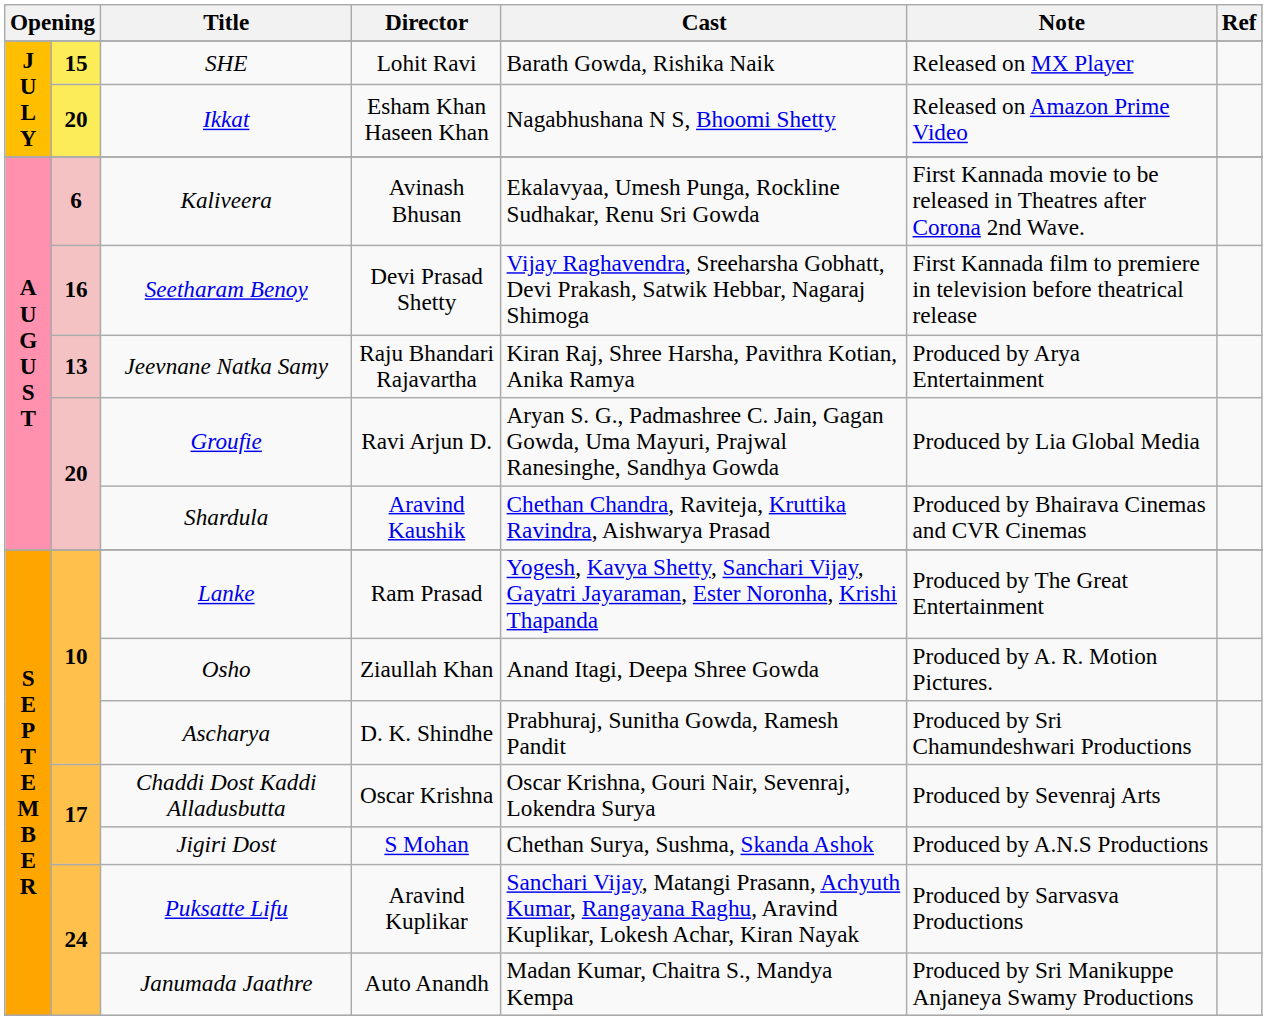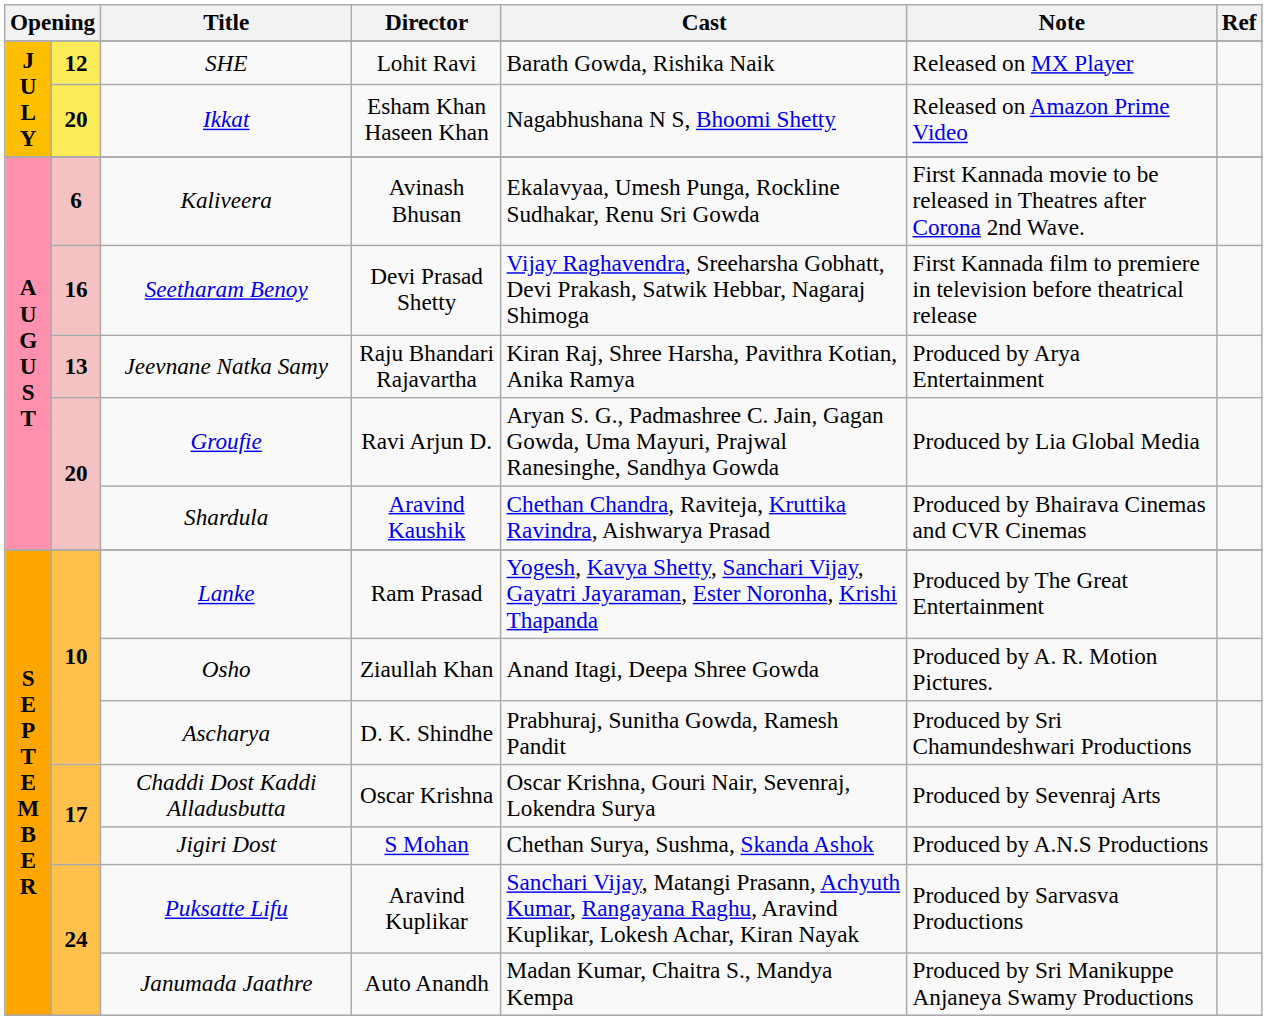 <table class="wikitable sortable">
 <tr>
 <th colspan="2">Opening</th>
 <th style="width:20%;">Title</th>
 <th>Director</th>
 <th>Cast</th>
 <th>Note</th>
 <th>Ref</th>
 </tr>
 <tr>
 </tr>
 <tr July!>
 <td rowspan="2" style="text-align:center; background:#ffbf00; textcolor:#000;"><strong>J<br>U<br>L<br>Y</strong></td>
-<td rowspan="1" style="text-align:center;background:#fbec58;"><strong>15</strong></td>
+<td rowspan="1" style="text-align:center;background:#fbec58;"><strong>12</strong></td>
 <td align="center"><em>SHE</em></td>
 <td align="center">Lohit Ravi</td>
 <td>Barath Gowda, Rishika Naik</td>
 <td>Released on <a href='#'>MX Player</a></td>
 <td align="center"></td>
 </tr>
 <tr>
 <td rowspan="1" style="text-align:center;background:#fbec58;"><strong>20</strong></td>
 <td align="center"><em><a href='#'>Ikkat</a></em></td>
 <td align="center">Esham Khan <br> Haseen Khan</td>
 <td>Nagabhushana N S, <a href='#'>Bhoomi Shetty</a></td>
 <td>Released on <a href='#'>Amazon Prime Video</a></td>
 <td align="center"></td>
 </tr>
 <tr>
 </tr>
 <tr August!>
 <td rowspan="5" style="text-align:center; background:#ff91af; textcolor:#000;"><strong>A<br>U<br>G<br>U<br>S<br>T</strong></td>
 <td rowspan="1" style="text-align:center;background:#f4c2c2;"><strong>6</strong></td>
 <td align="center"><em>Kaliveera</em></td>
 <td align="center">Avinash Bhusan</td>
 <td>Ekalavyaa, Umesh Punga, Rockline Sudhakar, Renu Sri Gowda</td>
 <td>First Kannada movie to be released in Theatres after <a href='#'>Corona</a> 2nd Wave.</td>
 <td></td>
 </tr>
 <tr>
 <td rowspan="1" style="text-align:center;background:#f4c2c2;"><strong>16</strong></td>
 <td align="center"><em><a href='#'>Seetharam Benoy</a></em></td>
 <td align="center">Devi Prasad Shetty</td>
 <td><a href='#'>Vijay Raghavendra</a>, Sreeharsha Gobhatt, Devi Prakash, Satwik Hebbar, Nagaraj Shimoga</td>
 <td>First Kannada film to premiere in television before theatrical release</td>
 <td></td>
 </tr>
 <tr>
 <td rowspan="1" style="text-align:center;background:#f4c2c2;"><strong>13</strong></td>
 <td align="center"><em>Jeevnane Natka Samy</em></td>
 <td align="center">Raju Bhandari Rajavartha</td>
 <td>Kiran Raj, Shree Harsha, Pavithra Kotian, Anika Ramya</td>
 <td>Produced by Arya Entertainment</td>
 <td></td>
 </tr>
 <tr>
 <td rowspan="2" style="text-align:center;background:#f4c2c2;"><strong>20</strong></td>
 <td align="center"><em><a href='#'>Groufie</a></em></td>
 <td align="center">Ravi Arjun D.</td>
 <td>Aryan S. G., Padmashree C. Jain, Gagan Gowda, Uma Mayuri, Prajwal Ranesinghe, Sandhya Gowda</td>
 <td>Produced by Lia Global Media</td>
 <td></td>
 </tr>
 <tr>
 <td align="center"><em>Shardula</em></td>
 <td align="center"><a href='#'>Aravind Kaushik</a></td>
 <td><a href='#'>Chethan Chandra</a>, Raviteja, <a href='#'>Kruttika Ravindra</a>, Aishwarya Prasad</td>
 <td>Produced by Bhairava Cinemas and CVR Cinemas</td>
 <td></td>
 </tr>
 <tr>
 </tr>
 <tr September!>
 <td rowspan="7" style="text-align:center; background:orange; textcolor:#000;"><strong>S<br>E<br>P<br>T<br>E<br>M<br>B<br>E <br>R</strong></td>
 <td rowspan="3" style="text-align:center; textcolor:#000; background:#ffc04c;"><strong>10</strong></td>
 <td align="center"><em><a href='#'>Lanke</a></em></td>
 <td align="center">Ram Prasad</td>
 <td><a href='#'>Yogesh</a>, <a href='#'>Kavya Shetty</a>, <a href='#'>Sanchari Vijay</a>, <a href='#'>Gayatri Jayaraman</a>, <a href='#'>Ester Noronha</a>, <a href='#'>Krishi Thapanda</a></td>
 <td>Produced by The Great Entertainment</td>
 <td></td>
 </tr>
 <tr>
 <td align="center"><em>Osho</em></td>
 <td align="center">Ziaullah Khan</td>
 <td>Anand Itagi, Deepa Shree Gowda</td>
 <td>Produced by A. R. Motion Pictures.</td>
 <td></td>
 </tr>
 <tr>
 <td align="center"><em>Ascharya</em></td>
 <td align="center">D. K. Shindhe</td>
 <td>Prabhuraj, Sunitha Gowda, Ramesh Pandit</td>
 <td>Produced by Sri Chamundeshwari Productions</td>
 <td></td>
 </tr>
 <tr>
 <td rowspan="2" style="text-align:center; textcolor:#000; background:#ffc04c;"><strong>17</strong></td>
 <td align="center"><em>Chaddi Dost Kaddi Alladusbutta</em></td>
 <td align="center">Oscar Krishna</td>
 <td>Oscar Krishna, Gouri Nair, Sevenraj, Lokendra Surya</td>
 <td>Produced by Sevenraj Arts</td>
 <td></td>
 </tr>
 <tr>
 <td align="center"><em>Jigiri Dost</em></td>
 <td align="center"><a href='#'>S Mohan</a></td>
 <td>Chethan Surya, Sushma, <a href='#'>Skanda Ashok</a></td>
 <td>Produced by A.N.S Productions</td>
 <td></td>
 </tr>
 <tr>
 <td rowspan="2" style="text-align:center; textcolor:#000; background:#ffc04c;"><strong>24</strong></td>
 <td align="center"><em><a href='#'>Puksatte Lifu</a></em></td>
 <td align="center">Aravind Kuplikar</td>
 <td><a href='#'>Sanchari Vijay</a>, Matangi Prasann, <a href='#'>Achyuth Kumar</a>, <a href='#'>Rangayana Raghu</a>, Aravind Kuplikar, Lokesh Achar, Kiran Nayak</td>
 <td>Produced by Sarvasva Productions</td>
 <td></td>
 </tr>
 <tr>
 <td align="center"><em>Janumada Jaathre</em></td>
 <td align="center">Auto Anandh</td>
 <td>Madan Kumar, Chaitra S., Mandya Kempa</td>
 <td>Produced by Sri Manikuppe Anjaneya Swamy Productions</td>
 <td></td>
 </tr>
 <tr>
 </tr>
 </table>
